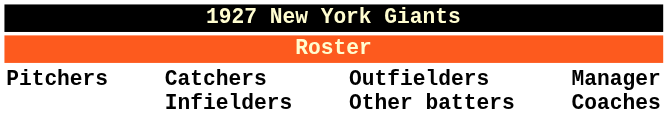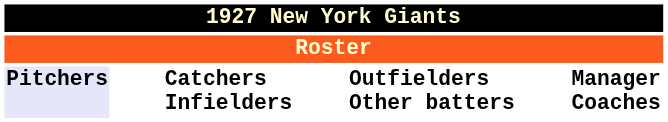 <table class="toccolours" style="font-size: 95%;">
 <tr>
 <th colspan="10" style="background-color: black; color: #FFFDD0; text-align: center;">1927 New York Giants</th>
 </tr>
 <tr>
 <td colspan="10" style="background-color: #fd5a1e; color: #FFFDD0; text-align: center;"><strong>Roster</strong></td>
 </tr>
 <tr>
-<td valign="top"><strong>Pitchers</strong><br>                       </td>
+<td valign="top" style="background: lavender;"><strong>Pitchers</strong><br>                       </td>
 <td width="25px"></td>
 <td valign="top"><strong>Catchers</strong><br>       <strong>Infielders</strong>        </td>
 <td width="25px"></td>
 <td valign="top"><strong>Outfielders</strong><br>             <strong>Other batters</strong> </td>
 <td width="25px"></td>
 <td valign="top"><strong>Manager</strong><br> <strong>Coaches</strong> </td>
 </tr>
 </table>
